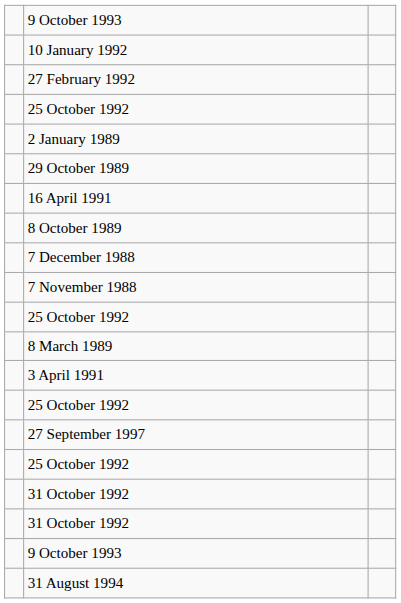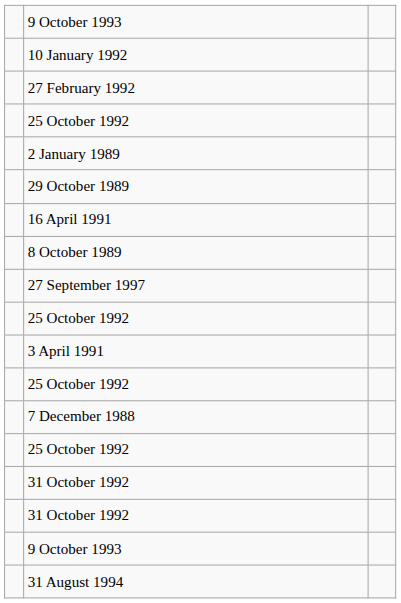 <table class="wikitable" style="font-size: 89%; float: left; width: 26em; margin-right: 1em; height: 560px;">
 <tr>
 <td></td>
 <td>9 October 1993</td>
 <td></td>
 </tr>
 <tr>
 <td></td>
 <td>10 January 1992</td>
 <td></td>
 </tr>
 <tr>
 <td></td>
 <td>27 February 1992</td>
 <td></td>
 </tr>
 <tr>
 <td></td>
 <td>25 October 1992</td>
 <td></td>
 </tr>
 <tr>
 <td></td>
 <td>2 January 1989</td>
 <td> </td>
 </tr>
 <tr>
 <td></td>
 <td>29 October 1989</td>
 <td> </td>
 </tr>
 <tr>
 <td></td>
 <td>16 April 1991</td>
 <td></td>
 </tr>
 <tr>
 <td><strong></strong></td>
 <td>8 October 1989</td>
 <td> </td>
 </tr>
 <tr>
 <td></td>
-<td>7 December 1988</td>
-<td> </td>
-</tr>
-<tr>
+<td>27 September 1997</td>
 <td></td>
-<td>7 November 1988</td>
-<td> </td>
 </tr>
 <tr>
 <td></td>
 <td>25 October 1992</td>
 <td></td>
-</tr>
-<tr>
-<td></td>
-<td>8 March 1989</td>
-<td> </td>
 </tr>
 <tr>
 <td></td>
 <td>3 April 1991</td>
 <td></td>
 </tr>
 <tr>
 <td></td>
 <td>25 October 1992</td>
 <td></td>
 </tr>
 <tr>
 <td></td>
-<td>27 September 1997</td>
-<td></td>
+<td>7 December 1988</td>
+<td> </td>
 </tr>
 <tr>
 <td></td>
 <td>25 October 1992</td>
 <td></td>
 </tr>
 <tr>
 <td></td>
 <td>31 October 1992</td>
 <td></td>
 </tr>
 <tr>
 <td></td>
 <td>31 October 1992</td>
 <td></td>
 </tr>
 <tr>
 <td></td>
 <td>9 October 1993</td>
 <td></td>
 </tr>
 <tr>
 <td></td>
 <td>31 August 1994</td>
 <td></td>
 </tr>
 </table>
